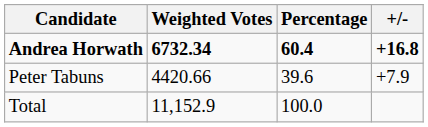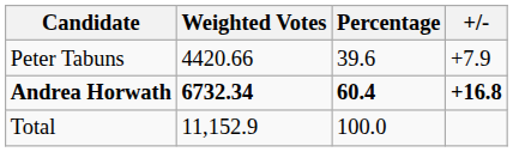 <table class="wikitable">
 <tr>
 <th>Candidate</th>
 <th>Weighted Votes</th>
 <th>Percentage</th>
 <th>+/-</th>
 </tr>
 <tr>
+<td>Peter Tabuns</td>
+<td>4420.66</td>
+<td>39.6</td>
+<td>+7.9</td>
+</tr>
+<tr>
 <td><strong>Andrea Horwath</strong></td>
 <td><strong>6732.34</strong></td>
 <td><strong>60.4 </strong></td>
 <td><strong>+16.8</strong></td>
-</tr>
-<tr>
-<td>Peter Tabuns</td>
-<td>4420.66</td>
-<td>39.6</td>
-<td>+7.9</td>
 </tr>
 <tr>
 <td>Total</td>
 <td>11,152.9</td>
 <td>100.0</td>
 </tr>
 </table>
